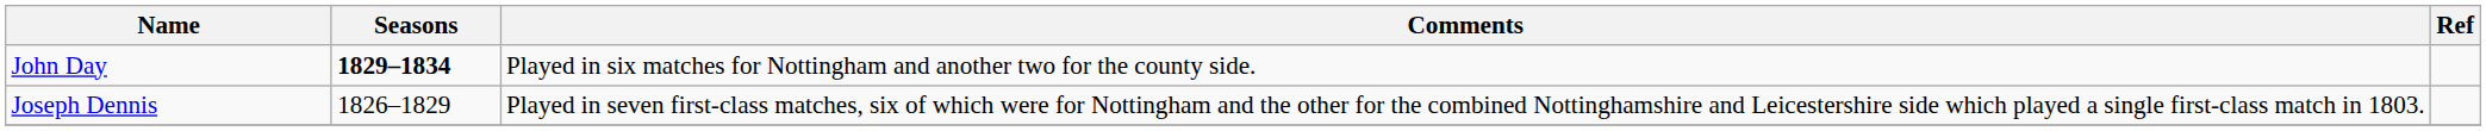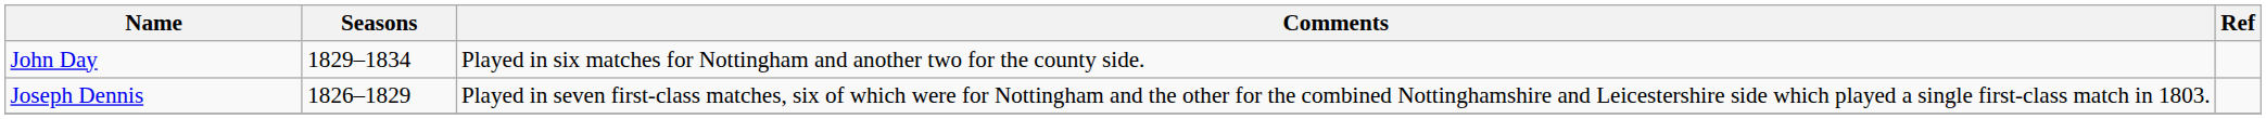 <table class="wikitable">
 <tr>
 <th style="width:200px">Name</th>
 <th style="width: 100px">Seasons</th>
 <th>Comments</th>
 <th>Ref</th>
 </tr>
 <tr>
 <td><a href='#'>John Day</a></td>
-<td><strong>1829–1834</strong></td>
+<td>1829–1834</td>
 <td>Played in six matches for Nottingham and another two for the county side.</td>
 <td></td>
 </tr>
 <tr>
 <td><a href='#'>Joseph Dennis</a></td>
 <td>1826–1829</td>
 <td>Played in seven first-class matches, six of which were for Nottingham and the other for the combined Nottinghamshire and Leicestershire side which played a single first-class match in 1803.</td>
 <td></td>
 </tr>
 <tr>
 </tr>
 </table>
